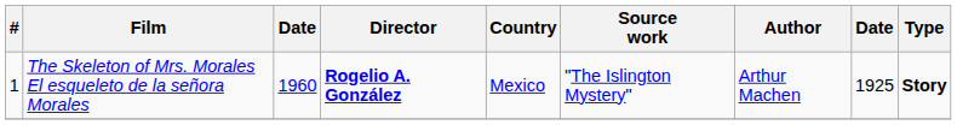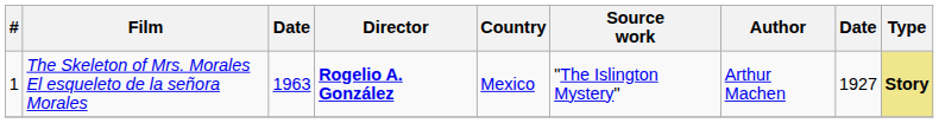 <table class="wikitable">
 <tr>
 <th>#</th>
 <th>Film</th>
 <th>Date</th>
 <th>Director</th>
 <th>Country</th>
 <th>Source<br>work</th>
 <th>Author</th>
 <th>Date</th>
 <th>Type</th>
 </tr>
 <tr>
 <td>1</td>
 <td><em><a href='#'>The Skeleton of Mrs. Morales</a></em><br><em><a href='#'>El esqueleto de la señora Morales</a></em></td>
-<td><a href='#'>1960</a></td>
+<td><a href='#'>1963</a></td>
 <td><strong><a href='#'>Rogelio A. González</a></strong></td>
 <td><a href='#'>Mexico</a></td>
 <td>"<a href='#'>The Islington Mystery</a>"</td>
 <td><a href='#'>Arthur Machen</a></td>
-<td>1925</td>
-<td><strong>Story</strong></td>
+<td>1927</td>
+<td style="background: khaki;"><strong>Story</strong></td>
 </tr>
 <tr>
 </tr>
 </table>
